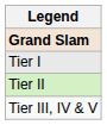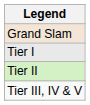 <table class=wikitable style="font-size:90%">
 <tr>
 <th>Legend</th>
 </tr>
 <tr>
-<td bgcolor=#f3e6d7><strong>Grand Slam</strong></td>
+<td bgcolor=#f3e6d7>Grand Slam</td>
 </tr>
 <tr>
 <td bgcolor=#e9e9e9>Tier I</td>
 </tr>
 <tr>
 <td bgcolor=#d4f1c5>Tier II</td>
 </tr>
 <tr>
 <td>Tier III, IV & V</td>
 </tr>
 </table>
